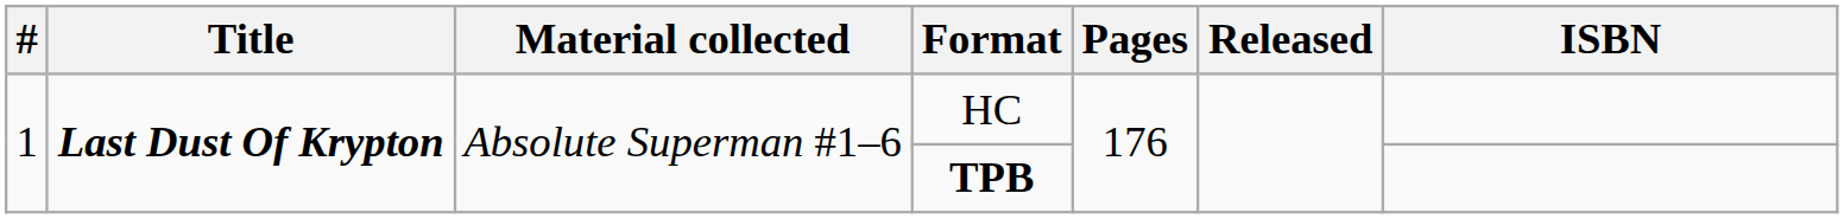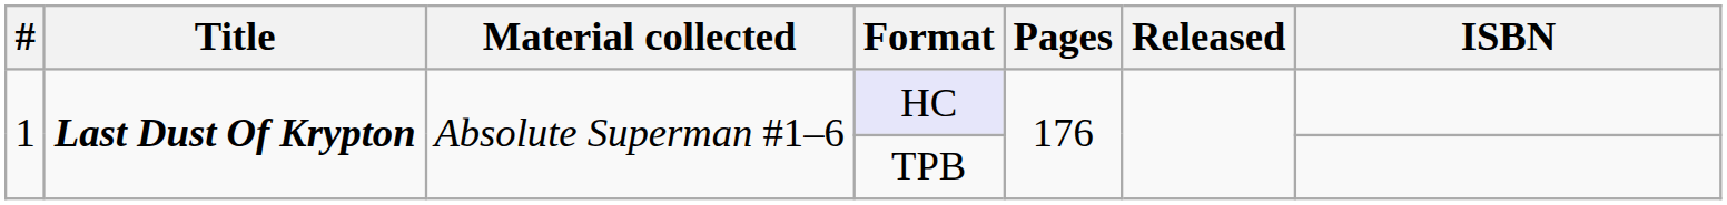 <table class="wikitable">
 <tr>
 <th width="4px">#</th>
 <th>Title</th>
 <th>Material collected</th>
 <th class="unsortable">Format</th>
 <th>Pages</th>
 <th>Released</th>
 <th class="unsortable" style="width: 10em;">ISBN</th>
 </tr>
 <tr>
 <td rowspan=2>1</td>
 <td rowspan=2><strong><em>Last Dust Of Krypton</em></strong></td>
 <td rowspan=2><em>Absolute Superman</em> #1–6</td>
-<td style="text-align: center;">HC</td>
+<td style="background: lavender; text-align: center;">HC</td>
 <td rowspan=2 style="text-align: center;">176</td>
 <td rowspan=2></td>
 <td></td>
 </tr>
 <tr>
-<td style="text-align: center;"><strong>TPB</strong></td>
+<td style="text-align: center;">TPB</td>
 <td></td>
 </tr>
 </table>
